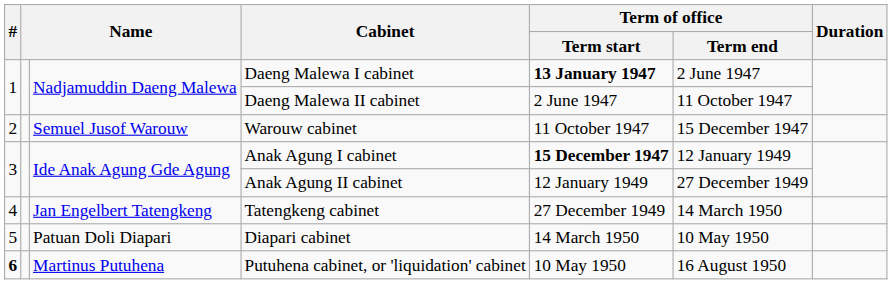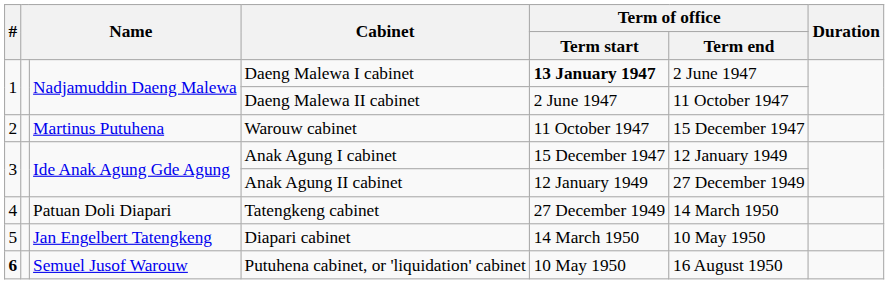 <table class="wikitable">
 <tr>
 <th rowspan="2">#</th>
 <th colspan="2" rowspan="2">Name</th>
 <th rowspan="2">Cabinet</th>
 <th colspan="2">Term of office</th>
 <th rowspan="2">Duration</th>
 </tr>
 <tr>
 <th>Term start</th>
 <th>Term end</th>
 </tr>
 <tr>
 <td rowspan="2">1</td>
 <td rowspan="2"></td>
 <td rowspan="2"><a href='#'>Nadjamuddin Daeng Malewa</a></td>
 <td>Daeng Malewa I cabinet</td>
 <td><strong>13 January 1947</strong></td>
 <td>2 June 1947</td>
 <td rowspan="2"></td>
 </tr>
 <tr>
 <td>Daeng Malewa II cabinet</td>
 <td>2 June 1947</td>
 <td>11 October 1947</td>
 </tr>
 <tr>
 <td>2</td>
 <td></td>
-<td><a href='#'>Semuel Jusof Warouw</a></td>
+<td><a href='#'>Martinus Putuhena</a></td>
 <td>Warouw cabinet</td>
 <td>11 October 1947</td>
 <td>15 December 1947</td>
 <td></td>
 </tr>
 <tr>
 <td rowspan="2">3</td>
 <td rowspan="2"></td>
 <td rowspan="2"><a href='#'>Ide Anak Agung Gde Agung</a></td>
 <td>Anak Agung I cabinet</td>
-<td><strong>15 December 1947</strong></td>
+<td>15 December 1947</td>
 <td>12 January 1949</td>
 <td rowspan="2"></td>
 </tr>
 <tr>
 <td>Anak Agung II cabinet</td>
 <td>12 January 1949</td>
 <td>27 December 1949</td>
 </tr>
 <tr>
 <td>4</td>
 <td></td>
-<td><a href='#'>Jan Engelbert Tatengkeng</a></td>
+<td>Patuan Doli Diapari</td>
 <td>Tatengkeng cabinet</td>
 <td>27 December 1949</td>
 <td>14 March 1950</td>
 <td></td>
 </tr>
 <tr>
 <td>5</td>
 <td></td>
-<td>Patuan Doli Diapari</td>
+<td><a href='#'>Jan Engelbert Tatengkeng</a></td>
 <td>Diapari cabinet</td>
 <td>14 March 1950</td>
 <td>10 May 1950</td>
 <td></td>
 </tr>
 <tr>
 <td><strong>6</strong></td>
 <td></td>
-<td><a href='#'>Martinus Putuhena</a></td>
+<td><a href='#'>Semuel Jusof Warouw</a></td>
 <td>Putuhena cabinet, or 'liquidation' cabinet</td>
 <td>10 May 1950</td>
 <td>16 August 1950</td>
 <td></td>
 </tr>
 </table>
